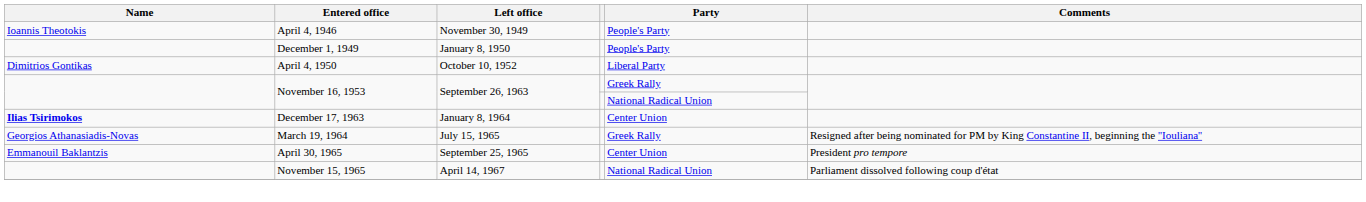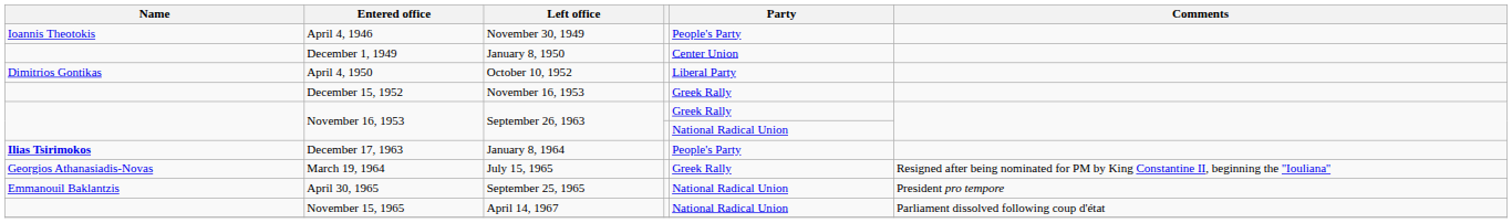 <table class="wikitable">
 <tr>
 <th style="width:20%;">Name</th>
 <th style="width:12%;">Entered office</th>
 <th style="width:12%;">Left office</th>
 <th></th>
 <th style="width:15%;">Party</th>
 <th style="width:41%;">Comments</th>
 </tr>
 <tr>
 <td><a href='#'>Ioannis Theotokis</a></td>
 <td>April 4, 1946</td>
 <td>November 30, 1949</td>
 <td style="background:"></td>
 <td><a href='#'>People's Party</a></td>
 <td></td>
 </tr>
 <tr>
 <td></td>
 <td>December 1, 1949</td>
 <td>January 8, 1950</td>
 <td style="background:"></td>
-<td><a href='#'>People's Party</a></td>
+<td><a href='#'>Center Union</a></td>
 <td></td>
 </tr>
 <tr>
 <td><a href='#'>Dimitrios Gontikas</a></td>
 <td>April 4, 1950</td>
 <td>October 10, 1952</td>
 <td style="background:"></td>
 <td><a href='#'>Liberal Party</a></td>
+<td></td>
+</tr>
+<tr>
+<td></td>
+<td>December 15, 1952</td>
+<td>November 16, 1953</td>
+<td style="background:"></td>
+<td><a href='#'>Greek Rally</a></td>
 <td></td>
 </tr>
 <tr>
 <td rowspan=2></td>
 <td rowspan=2>November 16, 1953</td>
 <td rowspan=2>September 26, 1963</td>
 <td style="background:"></td>
 <td><a href='#'>Greek Rally</a></td>
 <td rowspan=2></td>
 </tr>
 <tr>
 <td style="background:"></td>
 <td><a href='#'>National Radical Union</a></td>
 </tr>
 <tr>
 <td><strong><a href='#'>Ilias Tsirimokos</a></strong></td>
 <td>December 17, 1963</td>
 <td>January 8, 1964</td>
 <td style="background:"></td>
-<td><a href='#'>Center Union</a></td>
+<td><a href='#'>People's Party</a></td>
 <td></td>
 </tr>
 <tr>
 <td><a href='#'>Georgios Athanasiadis-Novas</a></td>
 <td>March 19, 1964</td>
 <td>July 15, 1965</td>
 <td style="background:"></td>
 <td><a href='#'>Greek Rally</a></td>
 <td>Resigned after being nominated for PM by King <a href='#'>Constantine II</a>, beginning the <a href='#'>''Iouliana''</a></td>
 </tr>
 <tr>
 <td><a href='#'>Emmanouil Baklantzis</a></td>
 <td>April 30, 1965</td>
 <td>September 25, 1965</td>
 <td style="background:"></td>
-<td><a href='#'>Center Union</a></td>
+<td><a href='#'>National Radical Union</a></td>
 <td>President <em>pro tempore</em></td>
 </tr>
 <tr>
 <td></td>
 <td>November 15, 1965</td>
 <td>April 14, 1967</td>
 <td style="background:"></td>
 <td><a href='#'>National Radical Union</a></td>
 <td>Parliament dissolved following coup d'état</td>
 </tr>
 <tr>
 </tr>
 </table>
